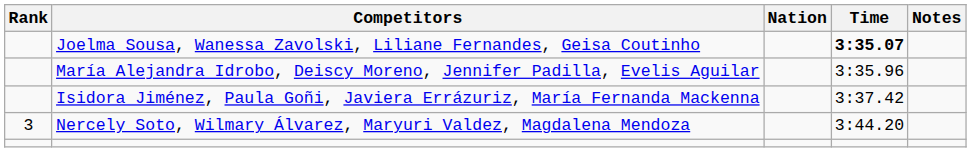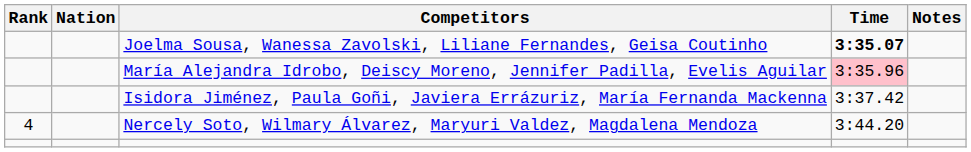 <table class="wikitable sortable" style="text-align:center">
 <tr>
 <th>Rank</th>
+<th>Nation</th>
 <th>Competitors</th>
-<th>Nation</th>
 <th>Time</th>
 <th>Notes</th>
 </tr>
 <tr>
 <td></td>
+<td align=left></td>
 <td align=left><a href='#'>Joelma Sousa</a>, <a href='#'>Wanessa Zavolski</a>, <a href='#'>Liliane Fernandes</a>, <a href='#'>Geisa Coutinho</a></td>
-<td align=left></td>
 <td><strong>3:35.07</strong></td>
 <td><strong></strong></td>
 </tr>
 <tr>
 <td></td>
+<td align=left></td>
 <td align=left><a href='#'>María Alejandra Idrobo</a>, <a href='#'>Deiscy Moreno</a>, <a href='#'>Jennifer Padilla</a>, <a href='#'>Evelis Aguilar</a></td>
-<td align=left></td>
-<td>3:35.96</td>
+<td style="background: pink;">3:35.96</td>
 <td></td>
 </tr>
 <tr>
 <td></td>
+<td align=left></td>
 <td align=left><a href='#'>Isidora Jiménez</a>, <a href='#'>Paula Goñi</a>, <a href='#'>Javiera Errázuriz</a>, <a href='#'>María Fernanda Mackenna</a></td>
-<td align=left></td>
 <td>3:37.42</td>
 <td></td>
 </tr>
 <tr>
-<td>3</td>
+<td>4</td>
+<td align=left></td>
 <td align=left><a href='#'>Nercely Soto</a>, <a href='#'>Wilmary Álvarez</a>, <a href='#'>Maryuri Valdez</a>, <a href='#'>Magdalena Mendoza</a></td>
-<td align=left></td>
 <td>3:44.20</td>
 <td></td>
 </tr>
 <tr>
 <td></td>
 <td align=left></td>
 <td align=left></td>
 <td></td>
 <td></td>
 </tr>
 </table>
